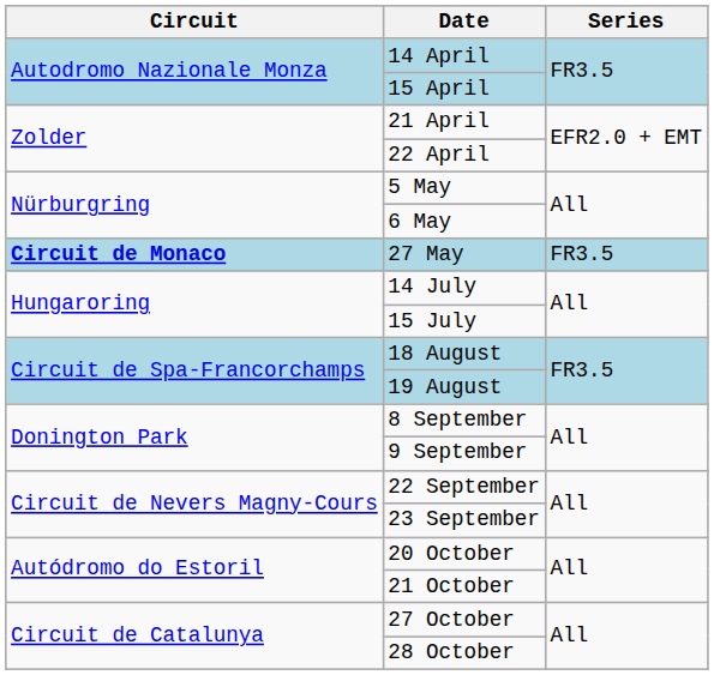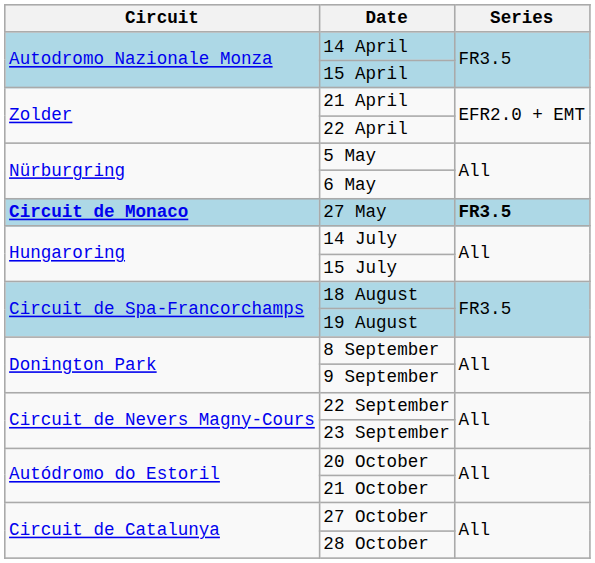 <table class="wikitable" style="font-size: 85%;">
 <tr>
 <th>Circuit</th>
 <th>Date</th>
 <th>Series</th>
 </tr>
 <tr style="background:lightblue;">
 <td rowspan=2> <a href='#'>Autodromo Nazionale Monza</a></td>
 <td>14 April</td>
 <td rowspan=2>FR3.5</td>
 </tr>
 <tr style="background:lightblue;">
 <td>15 April</td>
 </tr>
 <tr>
 <td rowspan=2> <a href='#'>Zolder</a></td>
 <td>21 April</td>
 <td rowspan=2>EFR2.0 + EMT</td>
 </tr>
 <tr>
 <td>22 April</td>
 </tr>
 <tr>
 <td rowspan=2> <a href='#'>Nürburgring</a></td>
 <td>5 May</td>
 <td rowspan=2>All</td>
 </tr>
 <tr>
 <td>6 May</td>
 </tr>
 <tr style="background:lightblue;">
 <td><strong> <a href='#'>Circuit de Monaco</a></strong></td>
 <td>27 May</td>
-<td>FR3.5</td>
+<td><strong>FR3.5</strong></td>
 </tr>
 <tr>
 <td rowspan=2> <a href='#'>Hungaroring</a></td>
 <td>14 July</td>
 <td rowspan=2>All</td>
 </tr>
 <tr>
 <td>15 July</td>
 </tr>
 <tr style="background:lightblue;">
 <td rowspan=2> <a href='#'>Circuit de Spa-Francorchamps</a></td>
 <td>18 August</td>
 <td rowspan=2>FR3.5</td>
 </tr>
 <tr style="background:lightblue;">
 <td>19 August</td>
 </tr>
 <tr>
 <td rowspan=2> <a href='#'>Donington Park</a></td>
 <td>8 September</td>
 <td rowspan=2>All</td>
 </tr>
 <tr>
 <td>9 September</td>
 </tr>
 <tr>
 <td rowspan=2> <a href='#'>Circuit de Nevers Magny-Cours</a></td>
 <td>22 September</td>
 <td rowspan=2>All</td>
 </tr>
 <tr>
 <td>23 September</td>
 </tr>
 <tr>
 <td rowspan=2> <a href='#'>Autódromo do Estoril</a></td>
 <td>20 October</td>
 <td rowspan=2>All</td>
 </tr>
 <tr>
 <td>21 October</td>
 </tr>
 <tr>
 <td rowspan=2> <a href='#'>Circuit de Catalunya</a></td>
 <td>27 October</td>
 <td rowspan=2>All</td>
 </tr>
 <tr>
 <td>28 October</td>
 </tr>
 </table>
